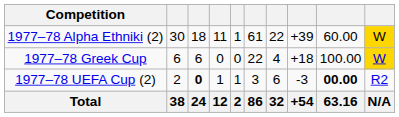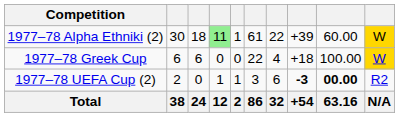 <table class="wikitable" style="text-align:center">
 <tr>
 <th>Competition</th>
 <th></th>
 <th></th>
 <th></th>
 <th></th>
 <th></th>
 <th></th>
 <th></th>
 <th></th>
 <th></th>
 </tr>
 <tr>
 <td><a href='#'>1977–78 Alpha Ethniki</a> (2)</td>
 <td>30</td>
 <td>18</td>
-<td>11</td>
+<td style="background: lightgreen;">11</td>
 <td>1</td>
 <td>61</td>
 <td>22</td>
 <td>+39</td>
 <td>60.00</td>
 <td bgcolor=#FFD700>W</td>
 </tr>
 <tr>
 <td><a href='#'>1977–78 Greek Cup</a></td>
 <td>6</td>
 <td>6</td>
 <td>0</td>
 <td>0</td>
 <td>22</td>
 <td>4</td>
 <td>+18</td>
 <td>100.00</td>
 <td bgcolor=#FFD700><a href='#'>W</a></td>
 </tr>
 <tr>
 <td><a href='#'>1977–78 UEFA Cup</a> (2)</td>
 <td>2</td>
-<td><strong>0</strong></td>
+<td>0</td>
 <td>1</td>
 <td>1</td>
 <td>3</td>
 <td>6</td>
-<td>-3</td>
+<td><strong>-3</strong></td>
 <td><strong>00.00</strong></td>
 <td><a href='#'>R2</a></td>
 </tr>
 <tr>
 <th>Total</th>
 <th>38</th>
 <th>24</th>
 <th>12</th>
 <th>2</th>
 <th>86</th>
 <th>32</th>
 <th>+54</th>
 <th>63.16</th>
 <th>N/A</th>
 </tr>
 </table>
